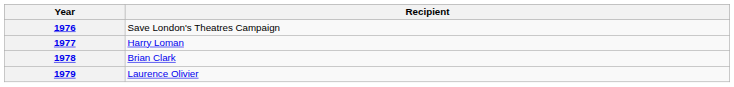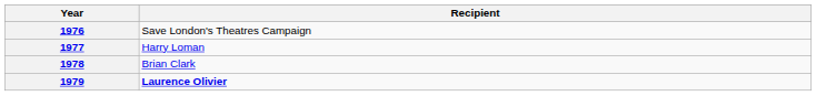 <table class="wikitable" style="width:60%;">
 <tr style="background:#bebebe;">
 <th style="width:15%;">Year</th>
 <th style="width:75%;">Recipient</th>
 </tr>
 <tr>
 <th><a href='#'>1976</a></th>
 <td>Save London's Theatres Campaign</td>
 </tr>
 <tr>
 <th><a href='#'>1977</a></th>
 <td><a href='#'>Harry Loman</a></td>
 </tr>
 <tr>
 <th><a href='#'>1978</a></th>
 <td><a href='#'>Brian Clark</a></td>
 </tr>
 <tr>
 <th><a href='#'>1979</a></th>
-<td><a href='#'>Laurence Olivier</a></td>
+<td><strong><a href='#'>Laurence Olivier</a></strong></td>
 </tr>
 </table>
